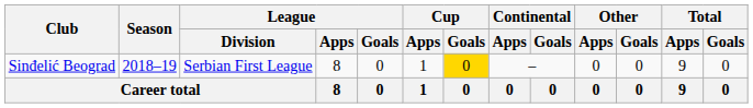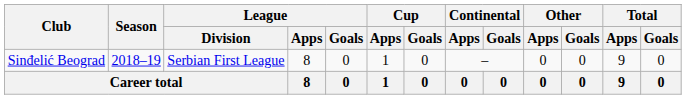 <table class="wikitable" style="text-align: center">
 <tr>
 <th rowspan="2">Club</th>
 <th rowspan="2">Season</th>
 <th colspan="3">League</th>
 <th colspan="2">Cup</th>
 <th colspan="2">Continental</th>
 <th colspan="2">Other</th>
 <th colspan="2">Total</th>
 </tr>
 <tr>
 <th>Division</th>
 <th>Apps</th>
 <th>Goals</th>
 <th>Apps</th>
 <th>Goals</th>
 <th>Apps</th>
 <th>Goals</th>
 <th>Apps</th>
 <th>Goals</th>
 <th>Apps</th>
 <th>Goals</th>
 </tr>
 <tr>
 <td><a href='#'>Sinđelić Beograd</a></td>
 <td><a href='#'>2018–19</a></td>
 <td><a href='#'>Serbian First League</a></td>
 <td>8</td>
 <td>0</td>
 <td>1</td>
-<td style="background: gold;">0</td>
+<td>0</td>
 <td colspan="2">–</td>
 <td>0</td>
 <td>0</td>
 <td>9</td>
 <td>0</td>
 </tr>
 <tr>
 <th colspan=3>Career total</th>
 <th>8</th>
 <th>0</th>
 <th>1</th>
 <th>0</th>
 <th>0</th>
 <th>0</th>
 <th>0</th>
 <th>0</th>
 <th>9</th>
 <th>0</th>
 </tr>
 </table>
